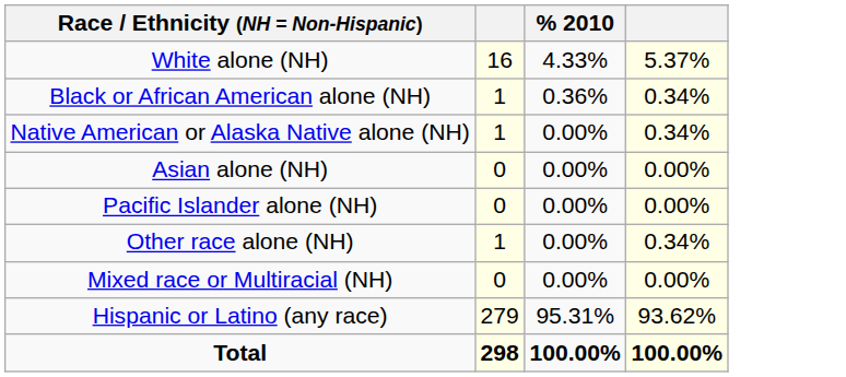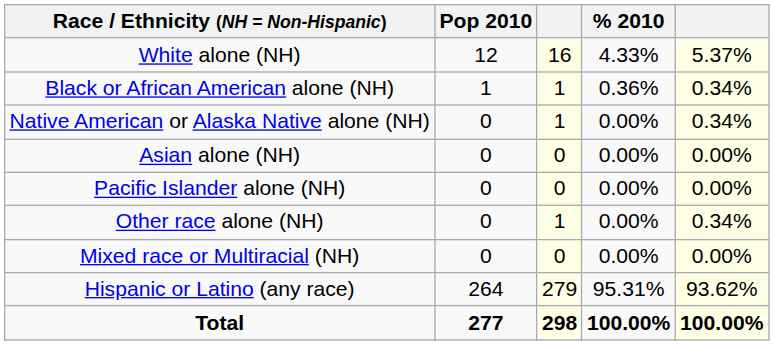 <table class="wikitable" style="text-align:center;">
 <tr>
 <th>Race / Ethnicity <small>(<em>NH = Non-Hispanic</em>)</small></th>
+<th>Pop 2010</th>
 <th></th>
 <th>% 2010</th>
 <th></th>
 </tr>
 <tr>
 <td><a href='#'>White</a> alone (NH)</td>
+<td>12</td>
 <td style='background: #ffffe6;'>16</td>
 <td>4.33%</td>
 <td style='background: #ffffe6;'>5.37%</td>
 </tr>
 <tr>
 <td><a href='#'>Black or African American</a> alone (NH)</td>
+<td>1</td>
 <td style='background: #ffffe6;'>1</td>
 <td>0.36%</td>
 <td style='background: #ffffe6;'>0.34%</td>
 </tr>
 <tr>
 <td><a href='#'>Native American</a> or <a href='#'>Alaska Native</a> alone (NH)</td>
+<td>0</td>
 <td style='background: #ffffe6;'>1</td>
 <td>0.00%</td>
 <td style='background: #ffffe6;'>0.34%</td>
 </tr>
 <tr>
 <td><a href='#'>Asian</a> alone (NH)</td>
+<td>0</td>
 <td style='background: #ffffe6;'>0</td>
 <td>0.00%</td>
 <td style='background: #ffffe6;'>0.00%</td>
 </tr>
 <tr>
 <td><a href='#'>Pacific Islander</a> alone (NH)</td>
+<td>0</td>
 <td style='background: #ffffe6;'>0</td>
 <td>0.00%</td>
 <td style='background: #ffffe6;'>0.00%</td>
 </tr>
 <tr>
 <td><a href='#'>Other race</a> alone (NH)</td>
+<td>0</td>
 <td style='background: #ffffe6;'>1</td>
 <td>0.00%</td>
 <td style='background: #ffffe6;'>0.34%</td>
 </tr>
 <tr>
 <td><a href='#'>Mixed race or Multiracial</a> (NH)</td>
+<td>0</td>
 <td style='background: #ffffe6;'>0</td>
 <td>0.00%</td>
 <td style='background: #ffffe6;'>0.00%</td>
 </tr>
 <tr>
 <td><a href='#'>Hispanic or Latino</a> (any race)</td>
+<td>264</td>
 <td style='background: #ffffe6;'>279</td>
 <td>95.31%</td>
 <td style='background: #ffffe6;'>93.62%</td>
 </tr>
 <tr>
 <td><strong>Total</strong></td>
+<td><strong>277</strong></td>
 <td style='background: #ffffe6;'><strong>298</strong></td>
 <td><strong>100.00%</strong></td>
 <td style='background: #ffffe6;'><strong>100.00%</strong></td>
 </tr>
 </table>
